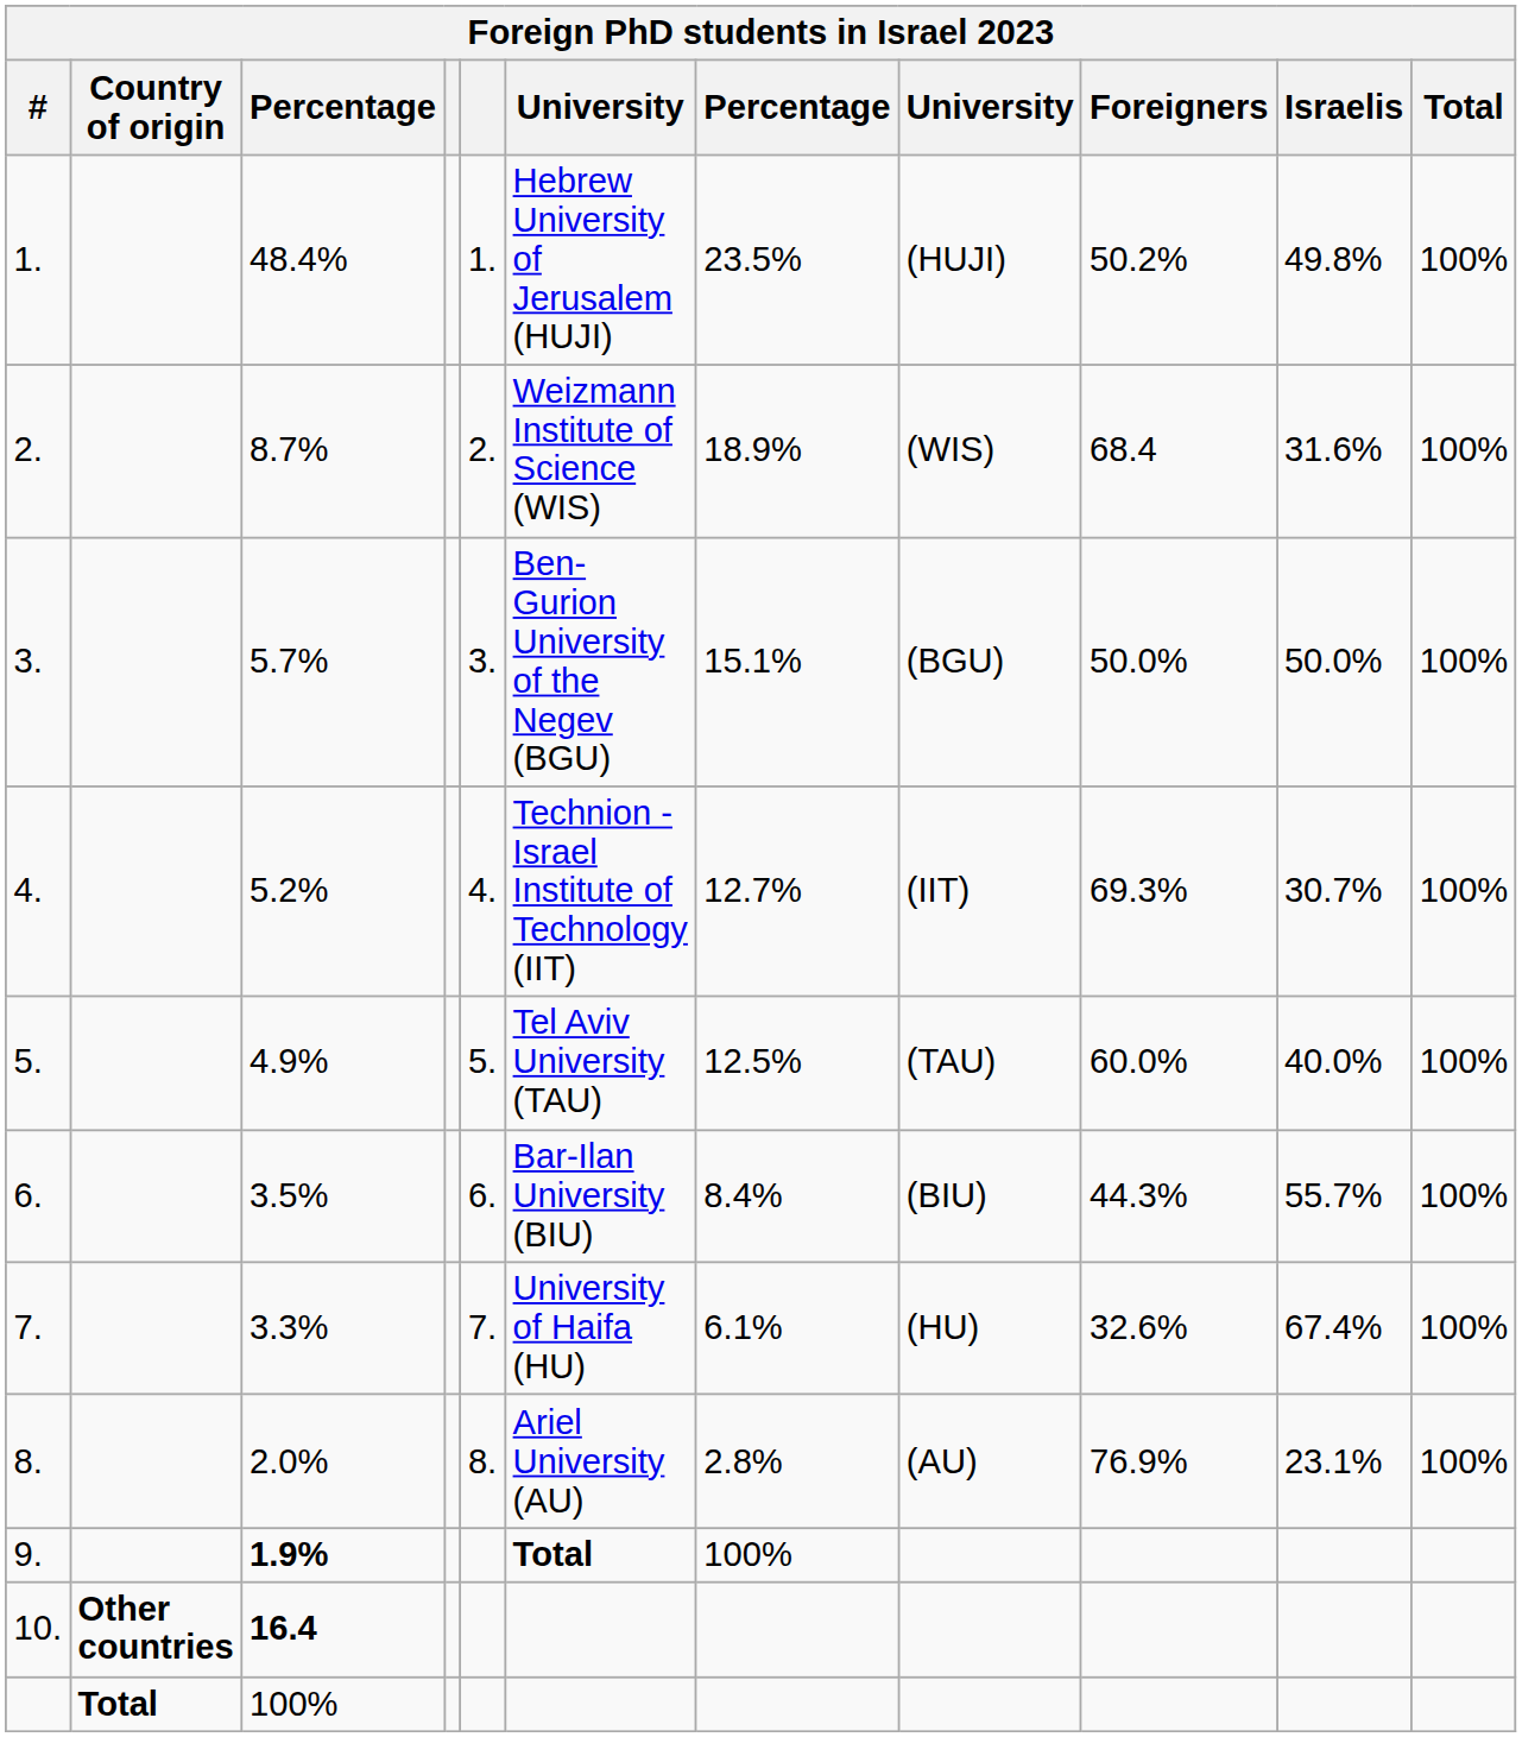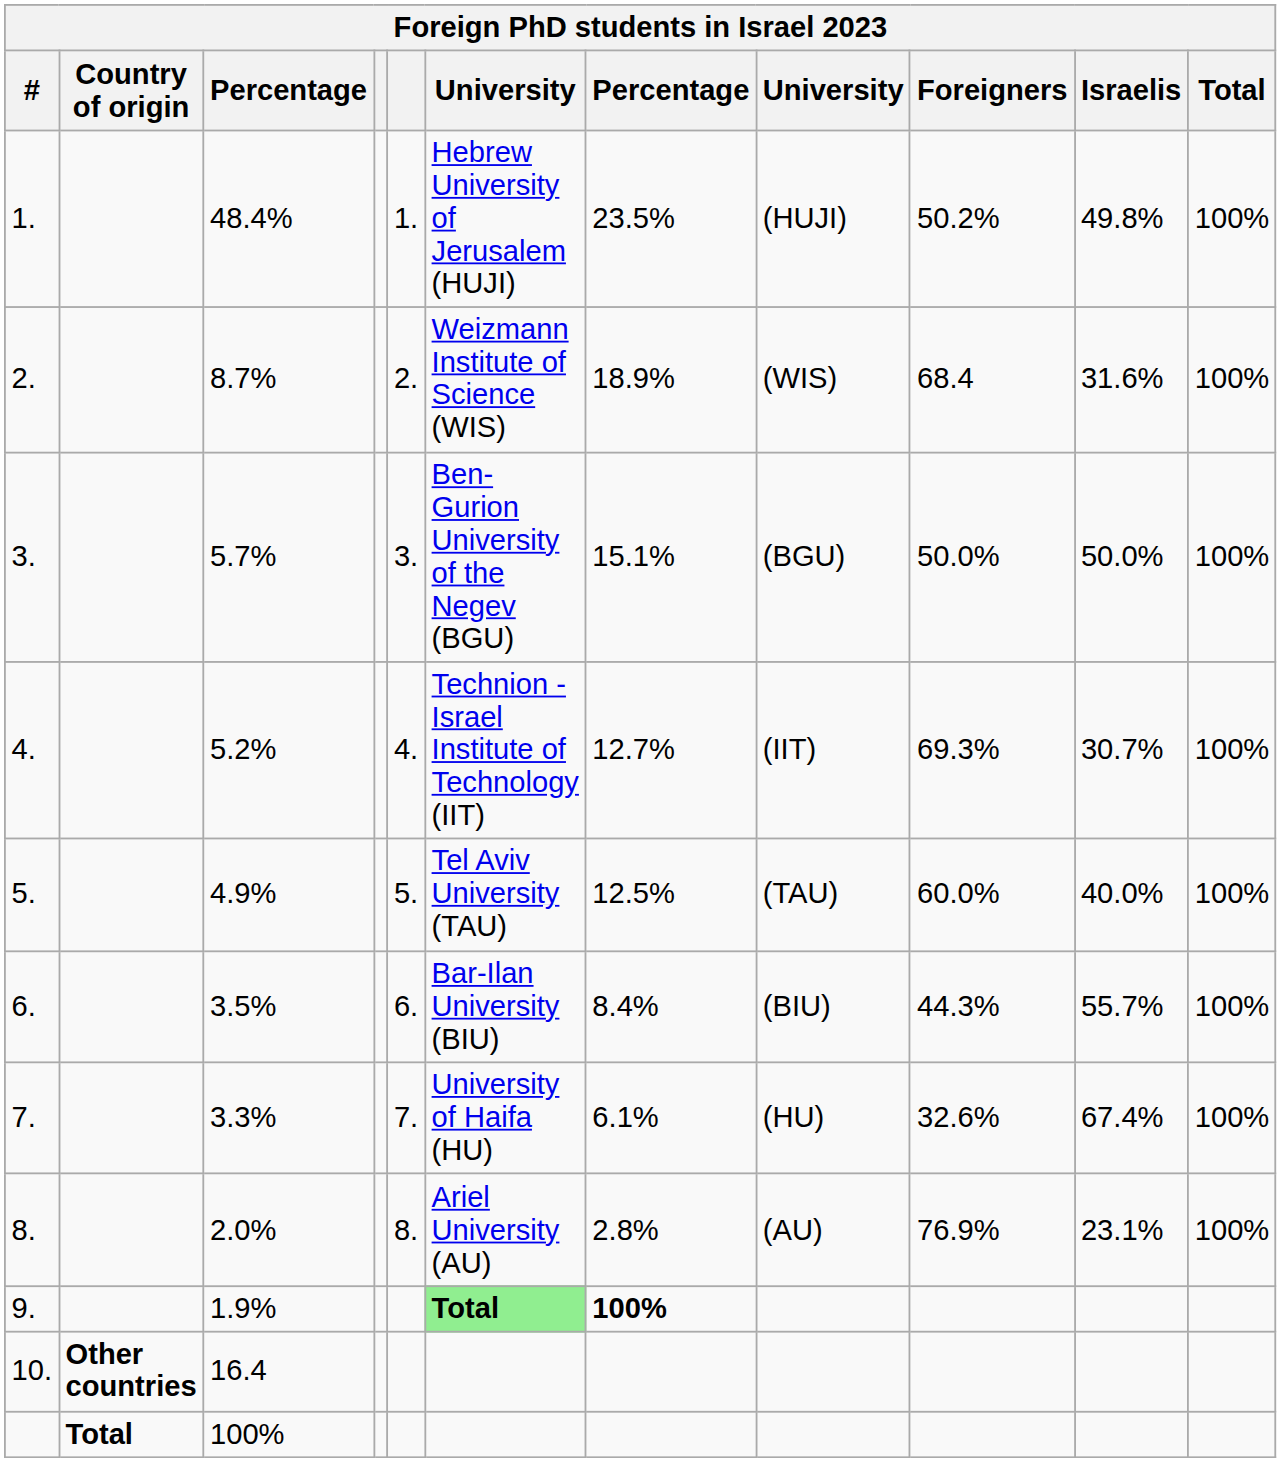 <table class="wikitable mw-collapsible mw-collapsed">
 <tr>
 <th colspan="11">Foreign PhD students in Israel 2023</th>
 </tr>
 <tr>
 <th>#</th>
 <th>Country of origin</th>
 <th>Percentage</th>
 <th></th>
 <th></th>
 <th>University</th>
 <th>Percentage</th>
 <th>University</th>
 <th>Foreigners</th>
 <th>Israelis</th>
 <th>Total</th>
 </tr>
 <tr>
 <td>1.</td>
 <td></td>
 <td>48.4%</td>
 <td></td>
 <td>1.</td>
 <td><a href='#'>Hebrew University of Jerusalem</a> (HUJI)</td>
 <td>23.5%</td>
 <td>(HUJI)</td>
 <td>50.2%</td>
 <td>49.8%</td>
 <td>100%</td>
 </tr>
 <tr>
 <td>2.</td>
 <td></td>
 <td>8.7%</td>
 <td></td>
 <td>2.</td>
 <td><a href='#'>Weizmann Institute of Science</a> (WIS)</td>
 <td>18.9%</td>
 <td>(WIS)</td>
 <td>68.4</td>
 <td>31.6%</td>
 <td>100%</td>
 </tr>
 <tr>
 <td>3.</td>
 <td></td>
 <td>5.7%</td>
 <td></td>
 <td>3.</td>
 <td><a href='#'>Ben-Gurion University of the Negev</a> (BGU)</td>
 <td>15.1%</td>
 <td>(BGU)</td>
 <td>50.0%</td>
 <td>50.0%</td>
 <td>100%</td>
 </tr>
 <tr>
 <td>4.</td>
 <td></td>
 <td>5.2%</td>
 <td></td>
 <td>4.</td>
 <td><a href='#'>Technion - Israel Institute of Technology</a> (IIT)</td>
 <td>12.7%</td>
 <td>(IIT)</td>
 <td>69.3%</td>
 <td>30.7%</td>
 <td>100%</td>
 </tr>
 <tr>
 <td>5.</td>
 <td></td>
 <td>4.9%</td>
 <td></td>
 <td>5.</td>
 <td><a href='#'>Tel Aviv University</a> (TAU)</td>
 <td>12.5%</td>
 <td>(TAU)</td>
 <td>60.0%</td>
 <td>40.0%</td>
 <td>100%</td>
 </tr>
 <tr>
 <td>6.</td>
 <td></td>
 <td>3.5%</td>
 <td></td>
 <td>6.</td>
 <td><a href='#'>Bar-Ilan University</a> (BIU)</td>
 <td>8.4%</td>
 <td>(BIU)</td>
 <td>44.3%</td>
 <td>55.7%</td>
 <td>100%</td>
 </tr>
 <tr>
 <td>7.</td>
 <td></td>
 <td>3.3%</td>
 <td></td>
 <td>7.</td>
 <td><a href='#'>University of Haifa</a> (HU)</td>
 <td>6.1%</td>
 <td>(HU)</td>
 <td>32.6%</td>
 <td>67.4%</td>
 <td>100%</td>
 </tr>
 <tr>
 <td>8.</td>
 <td></td>
 <td>2.0%</td>
 <td></td>
 <td>8.</td>
 <td><a href='#'>Ariel University</a> (AU)</td>
 <td>2.8%</td>
 <td>(AU)</td>
 <td>76.9%</td>
 <td>23.1%</td>
 <td>100%</td>
 </tr>
 <tr>
 <td>9.</td>
 <td></td>
-<td><strong>1.9%</strong></td>
+<td>1.9%</td>
 <td></td>
 <td></td>
-<td><strong>Total</strong></td>
-<td>100%</td>
+<td style="background: lightgreen;"><strong>Total</strong></td>
+<td><strong>100%</strong></td>
 <td></td>
 <td></td>
 <td></td>
 <td></td>
 </tr>
 <tr>
 <td>10.</td>
 <td><strong>Other countries</strong></td>
-<td><strong>16.4</strong></td>
+<td>16.4</td>
 <td></td>
 <td></td>
 <td></td>
 <td></td>
 <td></td>
 <td></td>
 <td></td>
 <td></td>
 </tr>
 <tr>
 <td></td>
 <td><strong>Total</strong></td>
 <td>100%</td>
 <td></td>
 <td></td>
 <td></td>
 <td></td>
 <td></td>
 <td></td>
 <td></td>
 <td></td>
 </tr>
 </table>
